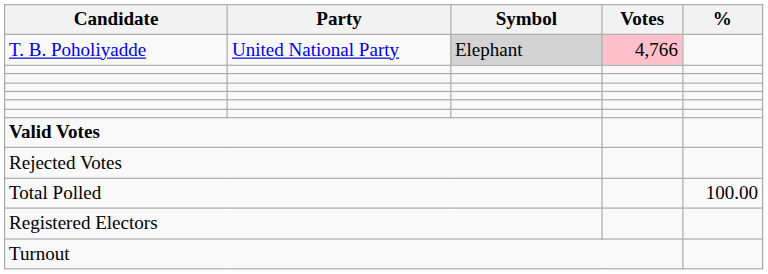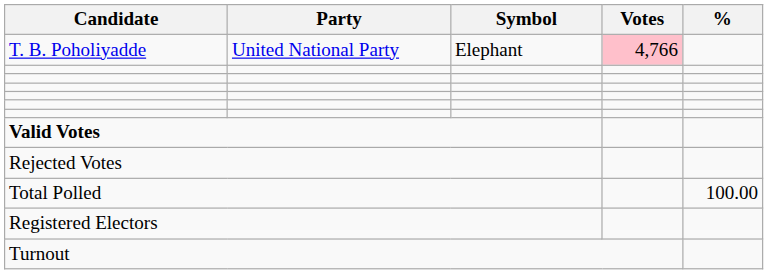 <table class="wikitable" border="1" style="text-align:right;">
 <tr>
 <th align=left width="180">Candidate</th>
 <th align=left width="180">Party</th>
 <th align=left width="120">Symbol</th>
 <th align=left width="60">Votes</th>
 <th align=left width="60">%</th>
 </tr>
 <tr>
 <td align=left><a href='#'>T. B. Poholiyadde</a></td>
 <td align=left><a href='#'>United National Party</a></td>
-<td align=left style="background: lightgrey;">Elephant</td>
+<td align=left>Elephant</td>
 <td style="background: pink;">4,766</td>
 <td></td>
 </tr>
 <tr>
 <td align=left></td>
 <td align=left></td>
 <td align=left></td>
 <td></td>
 <td></td>
 </tr>
 <tr>
 <td align=left></td>
 <td align=left></td>
 <td align=left></td>
 <td></td>
 <td></td>
 </tr>
 <tr>
 <td align=left></td>
 <td align=left></td>
 <td align=left></td>
 <td></td>
 <td></td>
 </tr>
 <tr>
 <td align=left></td>
 <td align=left></td>
 <td align=left></td>
 <td></td>
 <td></td>
 </tr>
 <tr>
 <td align=left></td>
 <td align=left></td>
 <td align=left></td>
 <td></td>
 <td></td>
 </tr>
 <tr>
 <td align=left></td>
 <td align=left></td>
 <td align=left></td>
 <td></td>
 <td></td>
 </tr>
 <tr>
 <td align=left colspan=3><strong>Valid Votes</strong></td>
 <td><strong> </strong></td>
 <td><strong> </strong></td>
 </tr>
 <tr>
 <td align=left colspan=3>Rejected Votes</td>
 <td></td>
 <td></td>
 </tr>
 <tr>
 <td align=left colspan=3>Total Polled</td>
 <td></td>
 <td>100.00</td>
 </tr>
 <tr>
 <td align=left colspan=3>Registered Electors</td>
 <td></td>
 <td></td>
 </tr>
 <tr>
 <td align=left colspan=4>Turnout</td>
 <td></td>
 </tr>
 </table>
